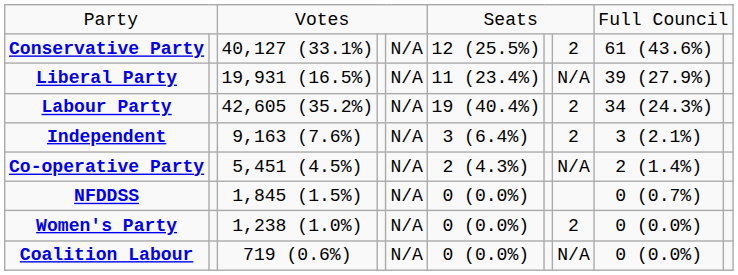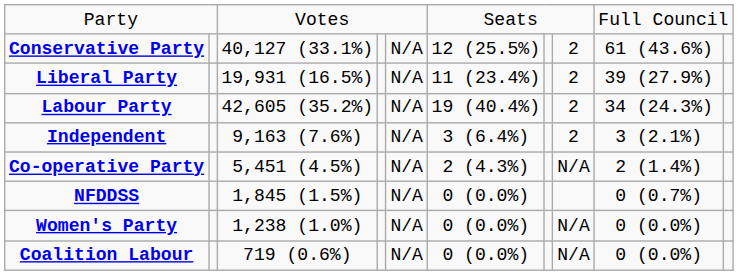 <table class=wikitable style="text-align:center;">
 <tr>
 <td colspan=2>Party</td>
 <td colspan=3>Votes</td>
 <td colspan=3>Seats</td>
 <td colspan=3>Full Council</td>
 </tr>
 <tr>
 <td><strong><a href='#'>Conservative Party</a></strong></td>
 <td style="background:"></td>
 <td>40,127 (33.1%)</td>
 <td></td>
 <td>N/A</td>
 <td>12 (25.5%)</td>
 <td></td>
 <td> 2</td>
 <td>61 (43.6%)</td>
 <td></td>
 </tr>
 <tr>
 <td><strong><a href='#'>Liberal Party</a></strong></td>
 <td style="background:"></td>
 <td>19,931 (16.5%)</td>
 <td></td>
 <td>N/A</td>
 <td>11  (23.4%)</td>
 <td></td>
-<td>N/A</td>
+<td> 2</td>
 <td>39 (27.9%)</td>
 <td></td>
 </tr>
 <tr>
 <td><strong><a href='#'>Labour Party</a></strong></td>
 <td style="background:"></td>
 <td>42,605 (35.2%)</td>
 <td></td>
 <td>N/A</td>
 <td>19 (40.4%)</td>
 <td></td>
 <td> 2</td>
 <td>34 (24.3%)</td>
 <td></td>
 </tr>
 <tr>
 <td><strong><a href='#'>Independent</a></strong></td>
 <td style="background:"></td>
 <td>9,163 (7.6%)</td>
 <td></td>
 <td>N/A</td>
 <td>3 (6.4%)</td>
 <td></td>
 <td> 2</td>
 <td>3 (2.1%)</td>
 <td></td>
 </tr>
 <tr>
 <td><strong><a href='#'>Co-operative Party</a></strong></td>
 <td style="background:"></td>
 <td>5,451 (4.5%)</td>
 <td></td>
 <td>N/A</td>
 <td>2 (4.3%)</td>
 <td></td>
 <td>N/A</td>
 <td>2 (1.4%)</td>
 <td></td>
 </tr>
 <tr>
 <td><strong><a href='#'>NFDDSS</a></strong></td>
 <td style="background:"></td>
 <td>1,845 (1.5%)</td>
 <td></td>
 <td>N/A</td>
 <td>0 (0.0%)</td>
 <td></td>
 <td></td>
 <td>0 (0.7%)</td>
 <td></td>
 </tr>
 <tr>
 <td><strong><a href='#'>Women's Party</a></strong></td>
 <td style="background:"></td>
 <td>1,238 (1.0%)</td>
 <td></td>
 <td>N/A</td>
 <td>0 (0.0%)</td>
 <td></td>
-<td> 2</td>
+<td>N/A</td>
 <td>0 (0.0%)</td>
 <td></td>
 </tr>
 <tr>
 <td><strong><a href='#'>Coalition Labour</a></strong></td>
 <td style="background:"></td>
 <td>719 (0.6%)</td>
 <td></td>
 <td>N/A</td>
 <td>0 (0.0%)</td>
 <td></td>
 <td>N/A</td>
 <td>0 (0.0%)</td>
 <td></td>
 </tr>
 </table>
